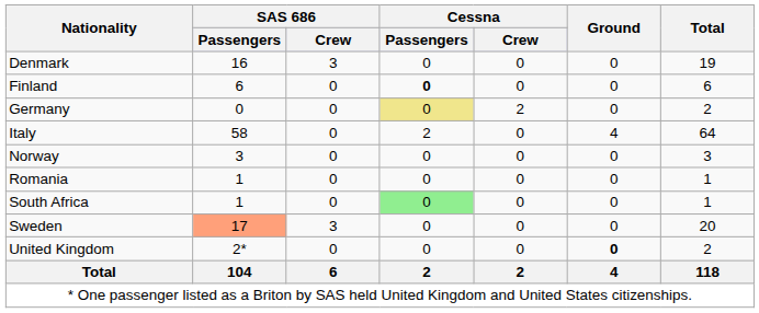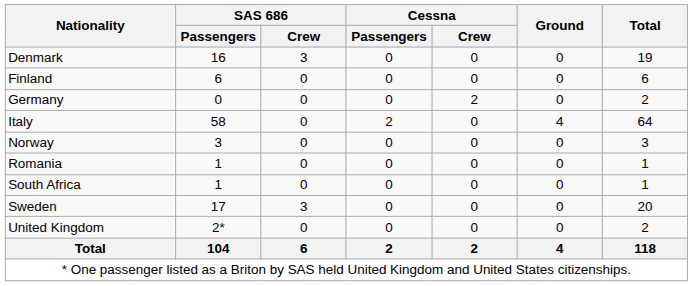 <table class="wikitable" style="text-align:center;font-size:85%;margin-left:1em">
 <tr>
 <th rowspan="2" style="width:24%;">Nationality</th>
 <th colspan=2>SAS 686</th>
 <th colspan="2" style="width:24%;">Cessna</th>
 <th rowspan="2" style="width:12%;">Ground</th>
 <th rowspan="2" style="width:12%;">Total</th>
 </tr>
 <tr style="background:#ccf;">
 <th width=12%>Passengers</th>
 <th width=12%>Crew</th>
 <th width=12%>Passengers</th>
 <th width=12%>Crew</th>
 </tr>
 <tr>
 <td align="left">Denmark</td>
 <td>16</td>
 <td>3</td>
 <td>0</td>
 <td>0</td>
 <td>0</td>
 <td>19</td>
 </tr>
 <tr>
 <td align="left">Finland</td>
 <td>6</td>
 <td>0</td>
-<td><strong>0</strong></td>
+<td>0</td>
 <td>0</td>
 <td>0</td>
 <td>6</td>
 </tr>
 <tr>
 <td align="left">Germany</td>
 <td>0</td>
 <td>0</td>
-<td style="background: khaki;">0</td>
+<td>0</td>
 <td>2</td>
 <td>0</td>
 <td>2</td>
 </tr>
 <tr>
 <td align="left">Italy</td>
 <td>58</td>
 <td>0</td>
 <td>2</td>
 <td>0</td>
 <td>4</td>
 <td>64</td>
 </tr>
 <tr>
 <td align="left">Norway</td>
 <td>3</td>
 <td>0</td>
 <td>0</td>
 <td>0</td>
 <td>0</td>
 <td>3</td>
 </tr>
 <tr>
 <td align="left">Romania</td>
 <td>1</td>
 <td>0</td>
 <td>0</td>
 <td>0</td>
 <td>0</td>
 <td>1</td>
 </tr>
 <tr>
 <td align="left">South Africa</td>
 <td>1</td>
 <td>0</td>
-<td style="background: lightgreen;">0</td>
+<td>0</td>
 <td>0</td>
 <td>0</td>
 <td>1</td>
 </tr>
 <tr>
 <td align="left">Sweden</td>
-<td style="background: lightsalmon;">17</td>
+<td>17</td>
 <td>3</td>
 <td>0</td>
 <td>0</td>
 <td>0</td>
 <td>20</td>
 </tr>
 <tr>
 <td align="left">United Kingdom</td>
 <td>2*</td>
 <td>0</td>
 <td>0</td>
 <td>0</td>
-<td><strong>0</strong></td>
+<td>0</td>
 <td>2</td>
 </tr>
 <tr>
 <th align="left">Total</th>
 <th>104</th>
 <th>6</th>
 <th>2</th>
 <th>2</th>
 <th>4</th>
 <th>118</th>
 </tr>
 <tr style="background:#fff;">
 <td colspan=7 style="text-align: center;">* One passenger listed as a Briton by SAS held United Kingdom and United States citizenships.</td>
 </tr>
 </table>
